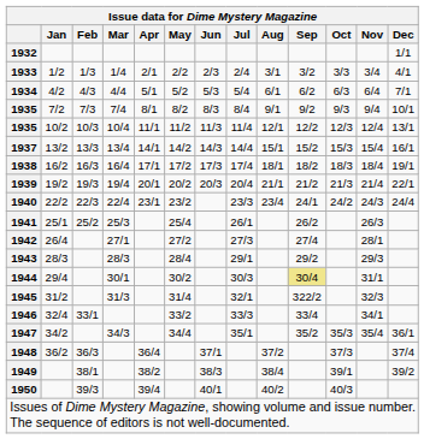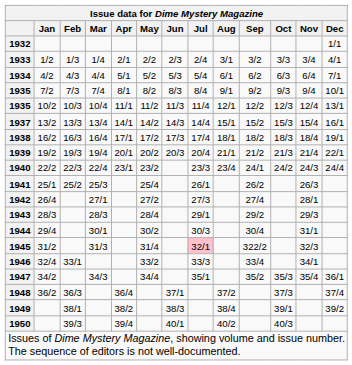 <table class="wikitable collapsible collapsed" style="font-size: 8pt; line-height: 9pt; margin-left: 2em; text-align: center; float: right">
 <tr>
 <th colspan="13">Issue data for <em>Dime Mystery Magazine</em></th>
 </tr>
 <tr>
 <th></th>
 <th>Jan</th>
 <th>Feb</th>
 <th>Mar</th>
 <th>Apr</th>
 <th>May</th>
 <th>Jun</th>
 <th>Jul</th>
 <th>Aug</th>
 <th>Sep</th>
 <th>Oct</th>
 <th>Nov</th>
 <th>Dec</th>
 </tr>
 <tr>
 <th>1932</th>
 <td></td>
 <td></td>
 <td></td>
 <td></td>
 <td></td>
 <td></td>
 <td></td>
 <td></td>
 <td></td>
 <td></td>
 <td></td>
 <td>1/1</td>
 </tr>
 <tr>
 <th>1933</th>
 <td>1/2</td>
 <td>1/3</td>
 <td>1/4</td>
 <td>2/1</td>
 <td>2/2</td>
 <td>2/3</td>
 <td>2/4</td>
 <td>3/1</td>
 <td>3/2</td>
 <td>3/3</td>
 <td>3/4</td>
 <td>4/1</td>
 </tr>
 <tr>
 <th>1934</th>
 <td>4/2</td>
 <td>4/3</td>
 <td>4/4</td>
 <td>5/1</td>
 <td>5/2</td>
 <td>5/3</td>
 <td>5/4</td>
 <td>6/1</td>
 <td>6/2</td>
 <td>6/3</td>
 <td>6/4</td>
 <td>7/1</td>
 </tr>
 <tr>
 <th>1935</th>
 <td>7/2</td>
 <td>7/3</td>
 <td>7/4</td>
 <td>8/1</td>
 <td>8/2</td>
 <td>8/3</td>
 <td>8/4</td>
 <td>9/1</td>
 <td>9/2</td>
 <td>9/3</td>
 <td>9/4</td>
 <td>10/1</td>
 </tr>
 <tr>
 <th>1935</th>
 <td>10/2</td>
 <td>10/3</td>
 <td>10/4</td>
 <td>11/1</td>
 <td>11/2</td>
 <td>11/3</td>
 <td>11/4</td>
 <td>12/1</td>
 <td>12/2</td>
 <td>12/3</td>
 <td>12/4</td>
 <td>13/1</td>
 </tr>
 <tr>
 <th>1937</th>
 <td>13/2</td>
 <td>13/3</td>
 <td>13/4</td>
 <td>14/1</td>
 <td>14/2</td>
 <td>14/3</td>
 <td>14/4</td>
 <td>15/1</td>
 <td>15/2</td>
 <td>15/3</td>
 <td>15/4</td>
 <td>16/1</td>
 </tr>
 <tr>
 <th>1938</th>
 <td>16/2</td>
 <td>16/3</td>
 <td>16/4</td>
 <td>17/1</td>
 <td>17/2</td>
 <td>17/3</td>
 <td>17/4</td>
 <td>18/1</td>
 <td>18/2</td>
 <td>18/3</td>
 <td>18/4</td>
 <td>19/1</td>
 </tr>
 <tr>
 <th>1939</th>
 <td>19/2</td>
 <td>19/3</td>
 <td>19/4</td>
 <td>20/1</td>
 <td>20/2</td>
 <td>20/3</td>
 <td>20/4</td>
 <td>21/1</td>
 <td>21/2</td>
 <td>21/3</td>
 <td>21/4</td>
 <td>22/1</td>
 </tr>
 <tr>
 <th>1940</th>
 <td>22/2</td>
 <td>22/3</td>
 <td>22/4</td>
 <td>23/1</td>
 <td>23/2</td>
 <td></td>
 <td>23/3</td>
 <td>23/4</td>
 <td>24/1</td>
 <td>24/2</td>
 <td>24/3</td>
 <td>24/4</td>
 </tr>
 <tr>
 <th>1941</th>
 <td>25/1</td>
 <td>25/2</td>
 <td>25/3</td>
 <td></td>
 <td>25/4</td>
 <td></td>
 <td>26/1</td>
 <td></td>
 <td>26/2</td>
 <td></td>
 <td>26/3</td>
 <td></td>
 </tr>
 <tr>
 <th>1942</th>
 <td>26/4</td>
 <td></td>
 <td>27/1</td>
 <td></td>
 <td>27/2</td>
 <td></td>
 <td>27/3</td>
 <td></td>
 <td>27/4</td>
 <td></td>
 <td>28/1</td>
 <td></td>
 </tr>
 <tr>
 <th>1943</th>
 <td>28/3</td>
 <td></td>
 <td>28/3</td>
 <td></td>
 <td>28/4</td>
 <td></td>
 <td>29/1</td>
 <td></td>
 <td>29/2</td>
 <td></td>
 <td>29/3</td>
 <td></td>
 </tr>
 <tr>
 <th>1944</th>
 <td>29/4</td>
 <td></td>
 <td>30/1</td>
 <td></td>
 <td>30/2</td>
 <td></td>
 <td>30/3</td>
 <td></td>
-<td style="background: khaki;">30/4</td>
+<td>30/4</td>
 <td></td>
 <td>31/1</td>
 <td></td>
 </tr>
 <tr>
 <th>1945</th>
 <td>31/2</td>
 <td></td>
 <td>31/3</td>
 <td></td>
 <td>31/4</td>
 <td></td>
-<td>32/1</td>
+<td style="background: pink;">32/1</td>
 <td></td>
 <td>322/2</td>
 <td></td>
 <td>32/3</td>
 <td></td>
 </tr>
 <tr>
 <th>1946</th>
 <td>32/4</td>
 <td>33/1</td>
 <td></td>
 <td></td>
 <td>33/2</td>
 <td></td>
 <td>33/3</td>
 <td></td>
 <td>33/4</td>
 <td></td>
 <td>34/1</td>
 <td></td>
 </tr>
 <tr>
 <th>1947</th>
 <td>34/2</td>
 <td></td>
 <td>34/3</td>
 <td></td>
 <td>34/4</td>
 <td></td>
 <td>35/1</td>
 <td></td>
 <td>35/2</td>
 <td>35/3</td>
 <td>35/4</td>
 <td>36/1</td>
 </tr>
 <tr>
 <th>1948</th>
 <td>36/2</td>
 <td>36/3</td>
 <td></td>
 <td>36/4</td>
 <td></td>
 <td>37/1</td>
 <td></td>
 <td>37/2</td>
 <td></td>
 <td>37/3</td>
 <td></td>
 <td>37/4</td>
 </tr>
 <tr>
 <th>1949</th>
 <td></td>
 <td>38/1</td>
 <td></td>
 <td>38/2</td>
 <td></td>
 <td>38/3</td>
 <td></td>
 <td>38/4</td>
 <td></td>
 <td>39/1</td>
 <td></td>
 <td>39/2</td>
 </tr>
 <tr>
 <th>1950</th>
 <td></td>
 <td>39/3</td>
 <td></td>
 <td>39/4</td>
 <td></td>
 <td>40/1</td>
 <td></td>
 <td>40/2</td>
 <td></td>
 <td>40/3</td>
 <td></td>
 <td></td>
 </tr>
 <tr>
 <td colspan="13" style="font-size: 9pt; text-align:left; line-height: 10pt;">Issues of <em>Dime Mystery Magazine</em>, showing volume and issue number.<br>The sequence of editors is not well-documented.</td>
 </tr>
 </table>
